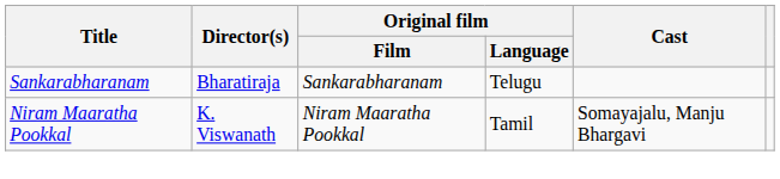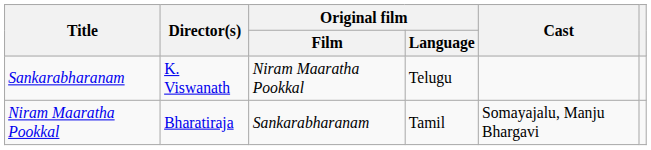 <table class="wikitable sortable"  style="width:100%; font-size:95%;">
 <tr>
 <th scope="col" rowspan="2">Title</th>
 <th scope="col" rowspan="2">Director(s)</th>
 <th scope="col" colspan="2">Original film</th>
 <th scope="col" rowspan="2">Cast</th>
 <th scope="col" rowspan="2" class="unsortable"></th>
 </tr>
 <tr>
 <th scope="col">Film</th>
 <th scope="col">Language</th>
 </tr>
 <tr>
 <td><em><a href='#'>Sankarabharanam</a></em></td>
-<td><a href='#'>Bharatiraja</a></td>
-<td><em>Sankarabharanam</em></td>
+<td><a href='#'>K. Viswanath</a></td>
+<td><em>Niram Maaratha Pookkal</em></td>
 <td>Telugu</td>
 <td></td>
 <td></td>
 </tr>
 <tr>
 <td><em><a href='#'>Niram Maaratha Pookkal</a></em></td>
-<td><a href='#'>K. Viswanath</a></td>
-<td><em>Niram Maaratha Pookkal</em></td>
+<td><a href='#'>Bharatiraja</a></td>
+<td><em>Sankarabharanam</em></td>
 <td>Tamil</td>
 <td>Somayajalu, Manju Bhargavi</td>
 <td></td>
 </tr>
 </table>
